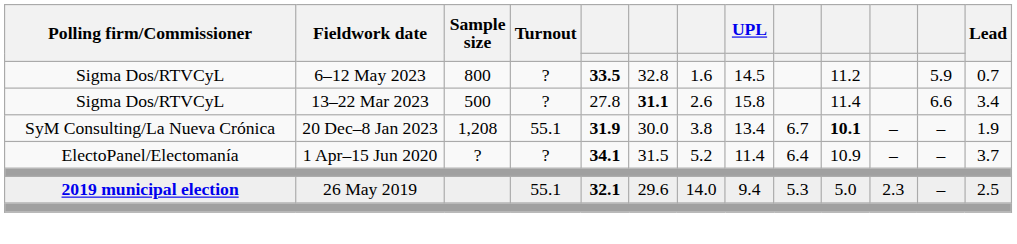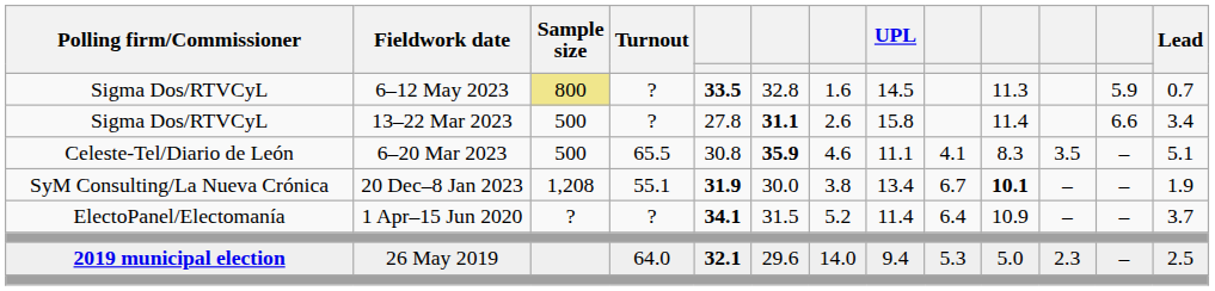 <table class="wikitable collapsible collapsed" style="text-align:center; font-size:95%; line-height:16px;">
 <tr style="height:42px;">
 <th style="width:250px;" rowspan="2">Polling firm/Commissioner</th>
 <th style="width:125px;" rowspan="2">Fieldwork date</th>
 <th style="width:50px;" rowspan="2">Sample size</th>
 <th style="width:45px;" rowspan="2">Turnout</th>
 <th style="width:35px;"></th>
 <th style="width:35px;"></th>
 <th style="width:35px;"></th>
 <th style="width:35px;"><a href='#'>UPL</a></th>
 <th style="width:35px;"></th>
 <th style="width:35px;"></th>
 <th style="width:35px;"></th>
 <th style="width:35px;"></th>
 <th style="width:30px;" rowspan="2">Lead</th>
 </tr>
 <tr>
 <th style="color:inherit;background:"></th>
 <th style="color:inherit;background:"></th>
 <th style="color:inherit;background:"></th>
 <th style="color:inherit;background:"></th>
 <th style="color:inherit;background:"></th>
 <th style="color:inherit;background:"></th>
 <th style="color:inherit;background:"></th>
 <th style="color:inherit;background:"></th>
 </tr>
 <tr>
 <td>Sigma Dos/RTVCyL</td>
 <td>6–12 May 2023</td>
-<td>800</td>
+<td style="background: khaki;">800</td>
 <td>?</td>
 <td><strong>33.5</strong><br></td>
 <td>32.8<br></td>
 <td>1.6<br></td>
 <td>14.5<br></td>
 <td></td>
-<td>11.2<br></td>
+<td>11.3<br></td>
 <td></td>
 <td>5.9<br></td>
 <td style="background:">0.7</td>
 </tr>
 <tr>
 <td>Sigma Dos/RTVCyL</td>
 <td>13–22 Mar 2023</td>
 <td>500</td>
 <td>?</td>
 <td>27.8<br></td>
 <td><strong>31.1</strong><br></td>
 <td>2.6<br></td>
 <td>15.8<br></td>
 <td></td>
 <td>11.4<br></td>
 <td></td>
 <td>6.6<br></td>
 <td style="background:">3.4</td>
+</tr>
+<tr>
+<td>Celeste-Tel/Diario de León</td>
+<td>6–20 Mar 2023</td>
+<td>500</td>
+<td>65.5</td>
+<td>30.8<br></td>
+<td><strong>35.9</strong><br></td>
+<td>4.6<br></td>
+<td>11.1<br></td>
+<td>4.1<br></td>
+<td>8.3<br></td>
+<td>3.5<br></td>
+<td>–</td>
+<td style="background:">5.1</td>
 </tr>
 <tr>
 <td>SyM Consulting/La Nueva Crónica</td>
 <td>20 Dec–8 Jan 2023</td>
 <td>1,208</td>
 <td>55.1</td>
 <td><strong>31.9</strong><br></td>
 <td>30.0<br></td>
 <td>3.8<br></td>
 <td>13.4<br></td>
 <td>6.7<br></td>
 <td><strong>10.1<br></strong></td>
 <td>–</td>
 <td>–</td>
 <td style="background:">1.9</td>
 </tr>
 <tr>
 <td>ElectoPanel/Electomanía</td>
 <td>1 Apr–15 Jun 2020</td>
 <td>?</td>
 <td>?</td>
 <td><strong>34.1</strong><br></td>
 <td>31.5<br></td>
 <td>5.2<br></td>
 <td>11.4<br></td>
 <td>6.4<br></td>
 <td>10.9<br></td>
 <td>–</td>
 <td>–</td>
 <td style="background:">3.7</td>
 </tr>
 <tr>
 <td colspan="13" style="background:#A0A0A0"></td>
 </tr>
 <tr style="background:#EFEFEF;">
 <td><strong><a href='#'>2019 municipal election</a></strong></td>
 <td>26 May 2019</td>
 <td></td>
-<td>55.1</td>
+<td>64.0</td>
 <td><strong>32.1</strong><br></td>
 <td>29.6<br></td>
 <td>14.0<br></td>
 <td>9.4<br></td>
 <td>5.3<br></td>
 <td>5.0<br></td>
 <td>2.3<br></td>
 <td>–</td>
 <td style="background:">2.5</td>
 </tr>
 <tr>
 <td colspan="13" style="background:#A0A0A0"></td>
 </tr>
 </table>
